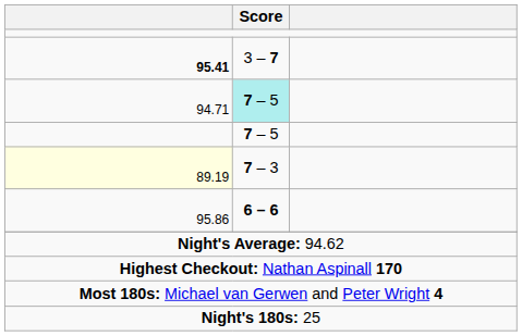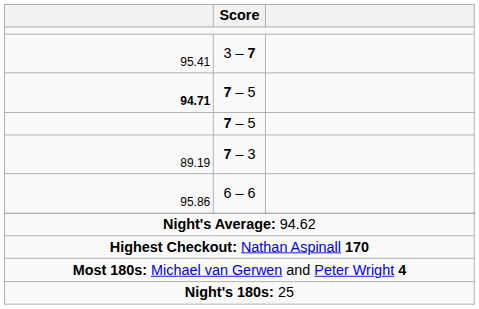 <table class=wikitable style="text-align:center">
 <tr>
 <th width=225></th>
 <th width=50>Score</th>
 <th width=225></th>
 </tr>
 <tr align=center>
 <td colspan="3"></td>
 </tr>
 <tr align=left>
-<td align=right><strong> <br> <small><span>95.41</span></small></strong></td>
+<td align=right> <br> <small><span>95.41</span></small></td>
 <td align=center>3 – <strong>7</strong></td>
 <td></td>
 </tr>
 <tr align=left>
-<td align=right> <br> <small><span>94.71</span></small></td>
-<td align=center style="background: paleturquoise;"><strong>7</strong> – 5</td>
+<td align=right><strong> <br> <small><span>94.71</span></small></strong></td>
+<td align=center><strong>7</strong> – 5</td>
 <td></td>
 </tr>
 <tr align=left>
 <td align=right></td>
 <td align=center><strong>7</strong> – 5</td>
 <td></td>
 </tr>
 <tr align=left>
-<td align=right style="background: lightyellow;"> <br> <small><span>89.19</span></small></td>
+<td align=right> <br> <small><span>89.19</span></small></td>
 <td align=center><strong>7</strong> – 3</td>
 <td></td>
 </tr>
 <tr align=left>
 <td align=right> <br> <small><span>95.86</span></small></td>
-<td align=center><strong>6 – 6</strong></td>
+<td align=center>6 – 6</td>
 <td></td>
 </tr>
 <tr align=center>
 </tr>
 <tr align=center>
 <td colspan="3"><strong>Night's Average:</strong> 94.62</td>
 </tr>
 <tr align=center>
 <td colspan="3"><strong>Highest Checkout:</strong>  <a href='#'>Nathan Aspinall</a> <strong>170</strong></td>
 </tr>
 <tr align=center>
 <td colspan="3"><strong>Most 180s:</strong>  <a href='#'>Michael van Gerwen</a> and   <a href='#'>Peter Wright</a> <strong>4</strong></td>
 </tr>
 <tr align=center>
 <td colspan="3"><strong>Night's 180s:</strong> 25</td>
 </tr>
 </table>
